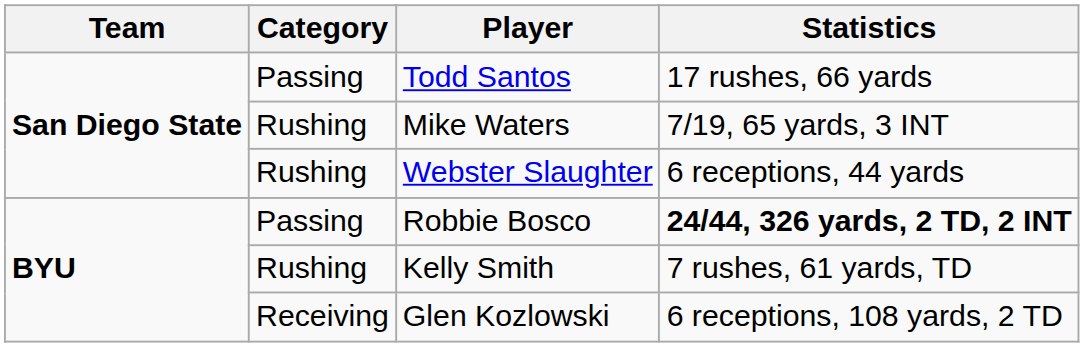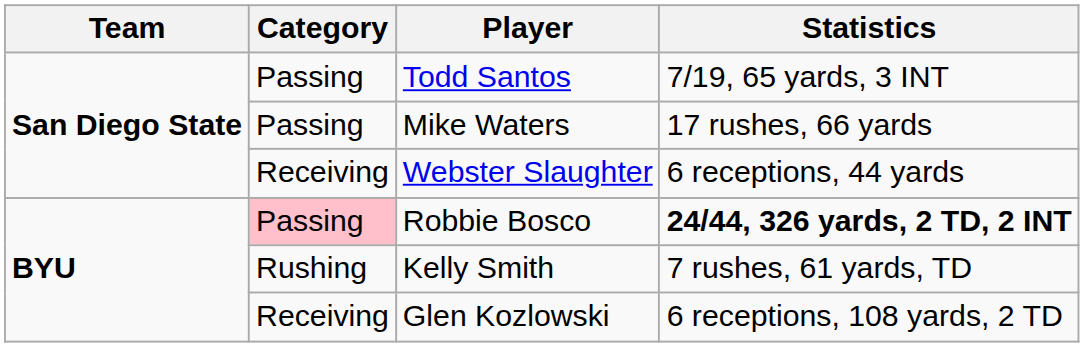 <table class="wikitable" style="float: left;">
 <tr>
 <th>Team</th>
 <th>Category</th>
 <th>Player</th>
 <th>Statistics</th>
 </tr>
 <tr>
 <td rowspan=3><strong>San Diego State</strong></td>
 <td>Passing</td>
 <td><a href='#'>Todd Santos</a></td>
+<td>7/19, 65 yards, 3 INT</td>
+</tr>
+<tr>
+<td>Passing</td>
+<td>Mike Waters</td>
 <td>17 rushes, 66 yards</td>
 </tr>
 <tr>
-<td>Rushing</td>
-<td>Mike Waters</td>
-<td>7/19, 65 yards, 3 INT</td>
-</tr>
-<tr>
-<td>Rushing</td>
+<td>Receiving</td>
 <td><a href='#'>Webster Slaughter</a></td>
 <td>6 receptions, 44 yards</td>
 </tr>
 <tr>
 <td rowspan=3><strong>BYU</strong></td>
-<td>Passing</td>
+<td style="background: pink;">Passing</td>
 <td>Robbie Bosco</td>
 <td><strong>24/44, 326 yards, 2 TD, 2 INT</strong></td>
 </tr>
 <tr>
 <td>Rushing</td>
 <td>Kelly Smith</td>
 <td>7 rushes, 61 yards, TD</td>
 </tr>
 <tr>
 <td>Receiving</td>
 <td>Glen Kozlowski</td>
 <td>6 receptions, 108 yards, 2 TD</td>
 </tr>
 </table>
